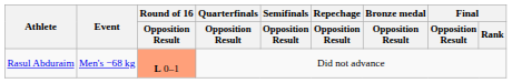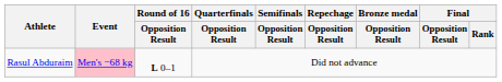 <table class="wikitable" style="font-size:90%">
 <tr>
 <th rowspan="2">Athlete</th>
 <th rowspan="2">Event</th>
 <th>Round of 16</th>
 <th>Quarterfinals</th>
 <th>Semifinals</th>
 <th>Repechage</th>
 <th>Bronze medal</th>
 <th colspan=2>Final</th>
 </tr>
 <tr style="font-size:95%">
 <th>Opposition<br>Result</th>
 <th>Opposition<br>Result</th>
 <th>Opposition<br>Result</th>
 <th>Opposition<br>Result</th>
 <th>Opposition<br>Result</th>
 <th>Opposition<br>Result</th>
 <th>Rank</th>
 </tr>
 <tr align=center>
 <td align=left><a href='#'>Rasul Abduraim</a></td>
-<td align=left><a href='#'>Men's −68 kg</a></td>
-<td style="background: lightsalmon;"><br><strong>L</strong> 0–1</td>
+<td align=left style="background: pink;"><a href='#'>Men's −68 kg</a></td>
+<td><br><strong>L</strong> 0–1</td>
 <td colspan=6>Did not advance</td>
 </tr>
 </table>
